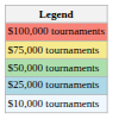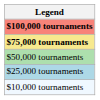 <table class=wikitable style=font-size:85%>
 <tr>
 <th>Legend</th>
 </tr>
 <tr bgcolor=f88379>
-<td>$100,000 tournaments</td>
+<td><strong>$100,000 tournaments</strong></td>
 </tr>
 <tr bgcolor=f7e98e>
-<td>$75,000 tournaments</td>
+<td><strong>$75,000 tournaments</strong></td>
 </tr>
 <tr bgcolor=addfad>
 <td>$50,000 tournaments</td>
 </tr>
 <tr bgcolor=lightblue>
 <td>$25,000 tournaments</td>
 </tr>
 <tr bgcolor=f0f8ff>
 <td>$10,000 tournaments</td>
 </tr>
 </table>
